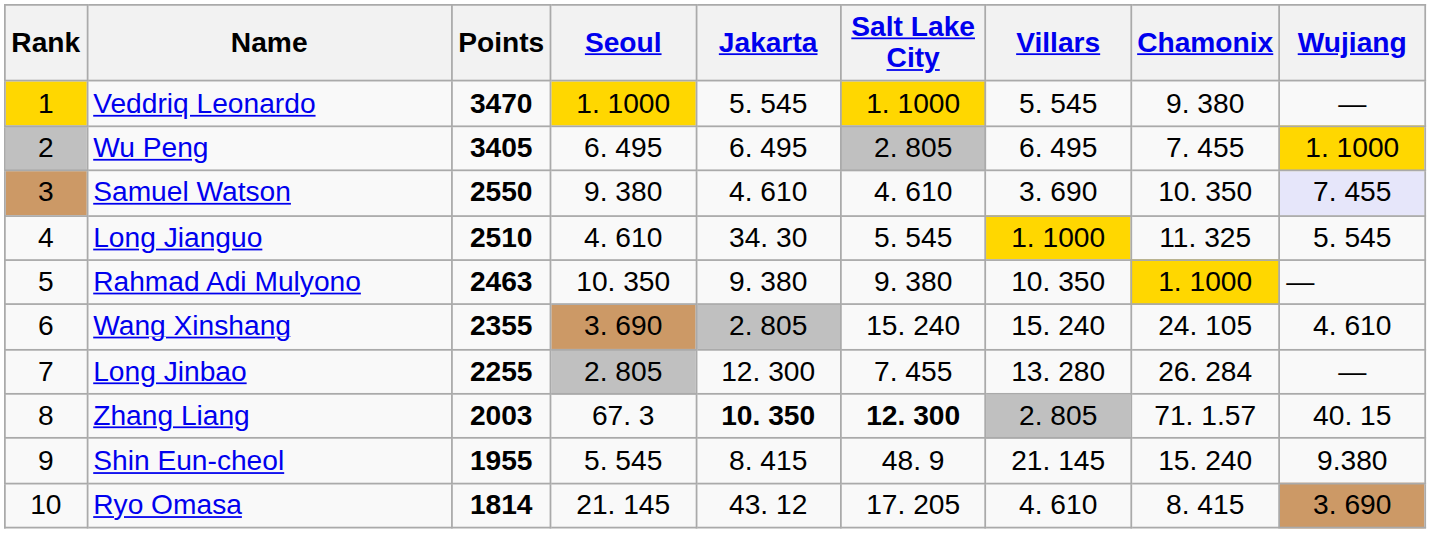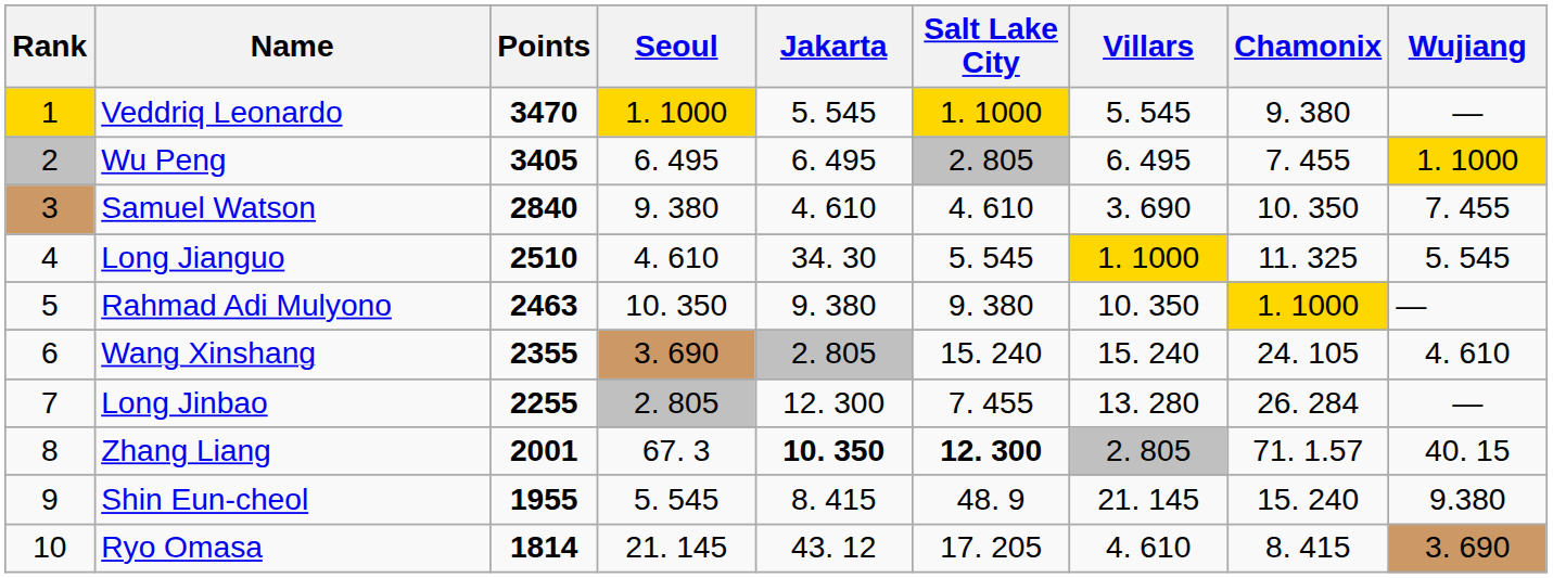 <table class="wikitable sortable">
 <tr>
 <th>Rank</th>
 <th width = "200">Name</th>
 <th>Points</th>
 <th width = "75" data-sort-type="number"><a href='#'>Seoul</a></th>
 <th width = "75" data-sort-type="number"><a href='#'>Jakarta</a></th>
 <th width = "75" data-sort-type="number"><a href='#'>Salt Lake City</a></th>
 <th width = "75" data-sort-type="number"><a href='#'>Villars</a></th>
 <th width = "75" data-sort-type="number"><a href='#'>Chamonix</a></th>
 <th width = "75" data-sort-type="number"><a href='#'>Wujiang</a></th>
 </tr>
 <tr>
 <td align="center" style="background: gold">1</td>
 <td> <a href='#'>Veddriq Leonardo</a></td>
 <td align="center"><strong>3470</strong></td>
 <td align="center" style="background: gold">1. 1000</td>
 <td align="center">5. 545</td>
 <td align="center" style="background: gold">1. 1000</td>
 <td align="center">5. 545</td>
 <td align="center">9. 380</td>
 <td align="center">—</td>
 </tr>
 <tr>
 <td align="center" style="background: silver">2</td>
 <td> <a href='#'>Wu Peng</a></td>
 <td align="center"><strong>3405</strong></td>
 <td align="center">6. 495</td>
 <td align="center">6. 495</td>
 <td align="center" style="background: silver">2. 805</td>
 <td align="center">6. 495</td>
 <td align="center">7. 455</td>
 <td align="center" style="background: gold">1. 1000</td>
 </tr>
 <tr>
 <td align="center" style="background: #cc9966">3</td>
 <td> <a href='#'>Samuel Watson</a></td>
-<td align="center"><strong>2550</strong></td>
+<td align="center"><strong>2840</strong></td>
 <td align="center">9. 380</td>
 <td align="center">4. 610</td>
 <td align="center">4. 610</td>
 <td align="center">3. 690</td>
 <td align="center">10. 350</td>
-<td align="center" style="background: lavender;">7. 455</td>
+<td align="center">7. 455</td>
 </tr>
 <tr>
 <td align="center">4</td>
 <td> <a href='#'>Long Jianguo</a></td>
 <td align="center"><strong>2510</strong></td>
 <td align="center">4. 610</td>
 <td align="center">34. 30</td>
 <td align="center">5. 545</td>
 <td align="center" style="background: gold">1. 1000</td>
 <td align="center">11. 325</td>
 <td align="center">5. 545</td>
 </tr>
 <tr>
 <td align="center">5</td>
 <td> <a href='#'>Rahmad Adi Mulyono</a></td>
 <td align="center"><strong>2463</strong></td>
 <td align="center">10. 350</td>
 <td align="center">9. 380</td>
 <td align="center">9. 380</td>
 <td align="center">10. 350</td>
 <td align="center" style="background: gold">1. 1000</td>
 <td align"center">—</td>
 </tr>
 <tr>
 <td align="center">6</td>
 <td> <a href='#'>Wang Xinshang</a></td>
 <td align="center"><strong>2355</strong></td>
 <td align="center" style="background: #cc9966">3. 690</td>
 <td align="center" style="background: silver">2. 805</td>
 <td align="center">15. 240</td>
 <td align="center">15. 240</td>
 <td align="center">24. 105</td>
 <td align="center">4. 610</td>
 </tr>
 <tr>
 <td align="center">7</td>
 <td> <a href='#'>Long Jinbao</a></td>
 <td align="center"><strong>2255</strong></td>
 <td align="center" style="background: silver">2. 805</td>
 <td align="center">12. 300</td>
 <td align="center">7. 455</td>
 <td align="center">13. 280</td>
 <td align="center">26. 284</td>
 <td align="center">—</td>
 </tr>
 <tr>
 <td align="center">8</td>
 <td> <a href='#'>Zhang Liang</a></td>
-<td align="center"><strong>2003</strong></td>
+<td align="center"><strong>2001</strong></td>
 <td align="center">67. 3</td>
 <td align="center"><strong>10. 350</strong></td>
 <td align="center"><strong>12. 300</strong></td>
 <td align="center" style="background: silver">2. 805</td>
 <td align="center">71. 1.57</td>
 <td align="center">40. 15</td>
 </tr>
 <tr>
 <td align="center">9</td>
 <td> <a href='#'>Shin Eun-cheol</a></td>
 <td align="center"><strong>1955</strong></td>
 <td align="center">5. 545</td>
 <td align="center">8. 415</td>
 <td align="center">48. 9</td>
 <td align="center">21. 145</td>
 <td align="center">15. 240</td>
 <td align="center">9.380</td>
 </tr>
 <tr>
 <td align="center">10</td>
 <td> <a href='#'>Ryo Omasa</a></td>
 <td align="center"><strong>1814</strong></td>
 <td align="center">21. 145</td>
 <td align="center">43. 12</td>
 <td align="center">17. 205</td>
 <td align="center">4. 610</td>
 <td align="center">8. 415</td>
 <td align="center" style="background: #cc9966">3. 690</td>
 </tr>
 </table>
